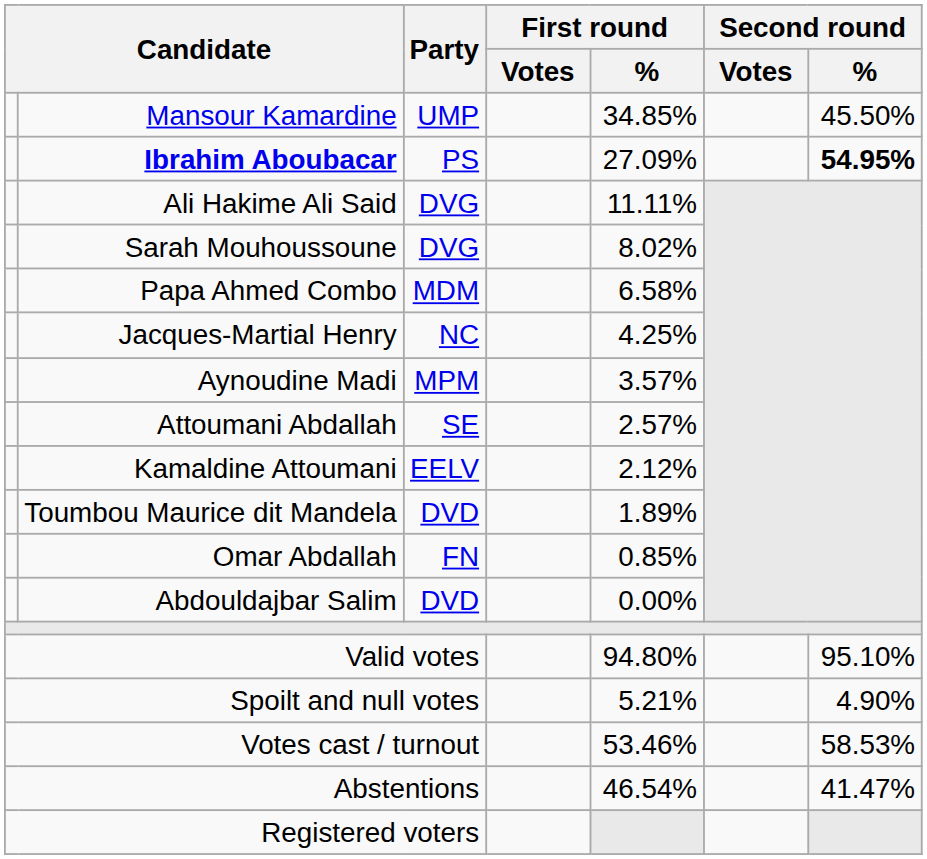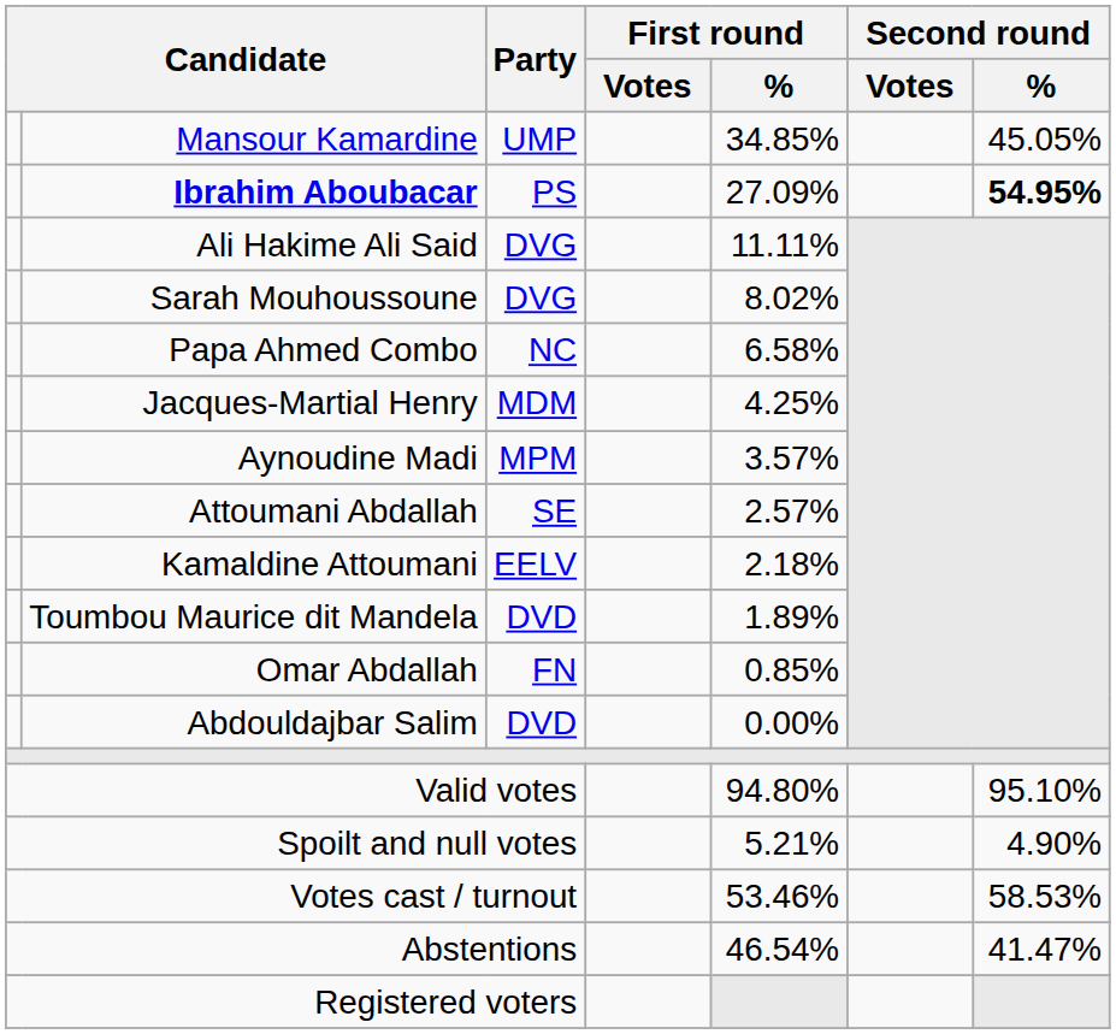 <table class="wikitable" style="text-align:right;font-size:95%;">
 <tr>
 <th rowspan=2 colspan=2>Candidate</th>
 <th rowspan=2 colspan=1>Party</th>
 <th colspan=2>First round</th>
 <th colspan=2>Second round</th>
 </tr>
 <tr>
 <th style="width:50px;">Votes</th>
 <th style="width:55px;">%</th>
 <th style="width:50px;">Votes</th>
 <th style="width:55px;">%</th>
 </tr>
 <tr>
 <td style="color:inherit;background-color:"></td>
 <td><a href='#'>Mansour Kamardine</a></td>
 <td><a href='#'>UMP</a></td>
 <td></td>
 <td>34.85%</td>
 <td></td>
-<td>45.50%</td>
+<td>45.05%</td>
 </tr>
 <tr>
 <td style="color:inherit;background-color:"></td>
 <td><strong><a href='#'>Ibrahim Aboubacar</a></strong></td>
 <td><a href='#'>PS</a></td>
 <td></td>
 <td>27.09%</td>
 <td><strong></strong></td>
 <td><strong>54.95%</strong></td>
 </tr>
 <tr>
 <td style="color:inherit;background-color:"></td>
 <td>Ali Hakime Ali Said</td>
 <td><a href='#'>DVG</a></td>
 <td></td>
 <td>11.11%</td>
 <td colspan=7 rowspan=10 style="background-color:#E9E9E9;"></td>
 </tr>
 <tr>
 <td style="color:inherit;background-color:"></td>
 <td>Sarah Mouhoussoune</td>
 <td><a href='#'>DVG</a></td>
 <td></td>
 <td>8.02%</td>
 </tr>
 <tr>
 <td style="color:inherit;background-color:"></td>
 <td>Papa Ahmed Combo</td>
-<td><a href='#'>MDM</a></td>
+<td><a href='#'>NC</a></td>
 <td></td>
 <td>6.58%</td>
 </tr>
 <tr>
 <td style="color:inherit;background-color:"></td>
 <td>Jacques-Martial Henry</td>
-<td><a href='#'>NC</a></td>
+<td><a href='#'>MDM</a></td>
 <td></td>
 <td>4.25%</td>
 </tr>
 <tr>
 <td style="color:inherit;background-color:"></td>
 <td>Aynoudine Madi</td>
 <td><a href='#'>MPM</a></td>
 <td></td>
 <td>3.57%</td>
 </tr>
 <tr>
 <td style="color:inherit;background-color:"></td>
 <td>Attoumani Abdallah</td>
 <td><a href='#'>SE</a></td>
 <td></td>
 <td>2.57%</td>
 </tr>
 <tr>
 <td style="color:inherit;background-color:"></td>
 <td>Kamaldine Attoumani</td>
 <td><a href='#'>EELV</a></td>
 <td></td>
-<td>2.12%</td>
+<td>2.18%</td>
 </tr>
 <tr>
 <td style="color:inherit;background-color:"></td>
 <td>Toumbou Maurice dit Mandela</td>
 <td><a href='#'>DVD</a></td>
 <td></td>
 <td>1.89%</td>
 </tr>
 <tr>
 <td style="color:inherit;background-color:"></td>
 <td>Omar Abdallah</td>
 <td><a href='#'>FN</a></td>
 <td></td>
 <td>0.85%</td>
 </tr>
 <tr>
 <td style="color:inherit;background-color:"></td>
 <td>Abdouldajbar Salim</td>
 <td><a href='#'>DVD</a></td>
 <td></td>
 <td>0.00%</td>
 </tr>
 <tr>
 <td colspan=7 style="background-color:#E9E9E9;"></td>
 </tr>
 <tr>
 <td colspan=3>Valid votes</td>
 <td></td>
 <td>94.80%</td>
 <td></td>
 <td>95.10%</td>
 </tr>
 <tr>
 <td colspan=3>Spoilt and null votes</td>
 <td></td>
 <td>5.21%</td>
 <td></td>
 <td>4.90%</td>
 </tr>
 <tr>
 <td colspan=3>Votes cast / turnout</td>
 <td></td>
 <td>53.46%</td>
 <td></td>
 <td>58.53%</td>
 </tr>
 <tr>
 <td colspan=3>Abstentions</td>
 <td></td>
 <td>46.54%</td>
 <td></td>
 <td>41.47%</td>
 </tr>
 <tr>
 <td colspan=3>Registered voters</td>
 <td></td>
 <td style="background-color:#E9E9E9;"></td>
 <td></td>
 <td style="background-color:#E9E9E9;"></td>
 </tr>
 </table>
